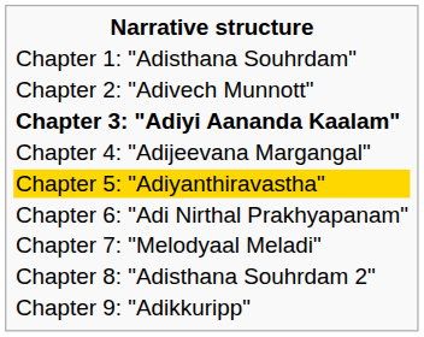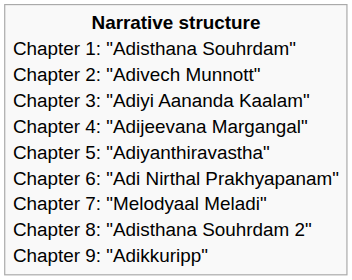 <table class="infobox">
 <tr>
 <th style="font-size:100%; text-align: center;">Narrative structure</th>
 </tr>
 <tr>
 <td>Chapter 1: "Adisthana Souhrdam"</td>
 </tr>
 <tr>
 <td>Chapter 2: "Adivech Munnott"</td>
 </tr>
 <tr>
-<td><strong>Chapter 3: "Adiyi Aananda Kaalam"</strong></td>
+<td>Chapter 3: "Adiyi Aananda Kaalam"</td>
 </tr>
 <tr>
 <td>Chapter 4: "Adijeevana Margangal"</td>
 </tr>
 <tr>
-<td style="background: gold;">Chapter 5: "Adiyanthiravastha"</td>
+<td>Chapter 5: "Adiyanthiravastha"</td>
 </tr>
 <tr>
 <td>Chapter 6: "Adi Nirthal Prakhyapanam"</td>
 </tr>
 <tr>
 <td>Chapter 7: "Melodyaal Meladi"</td>
 </tr>
 <tr>
 <td>Chapter 8: "Adisthana Souhrdam 2"</td>
 </tr>
 <tr>
 <td>Chapter 9: "Adikkuripp"</td>
 </tr>
 </table>
